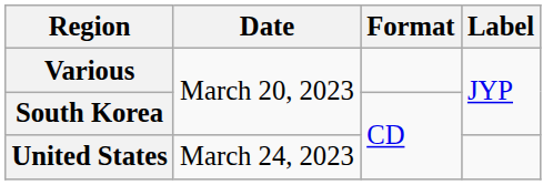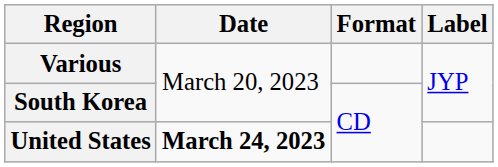 <table class="wikitable plainrowheaders">
 <tr>
 <th scope="col">Region</th>
 <th scope="col">Date</th>
 <th scope="col">Format</th>
 <th scope="col">Label</th>
 </tr>
 <tr>
 <th scope="row">Various </th>
 <td rowspan="2">March 20, 2023</td>
 <td></td>
 <td rowspan="2"><a href='#'>JYP</a></td>
 </tr>
 <tr>
 <th scope="row">South Korea</th>
 <td rowspan="2"><a href='#'>CD</a></td>
 </tr>
 <tr>
 <th scope="row">United States</th>
-<td>March 24, 2023</td>
+<td><strong>March 24, 2023</strong></td>
 <td></td>
 </tr>
 </table>
